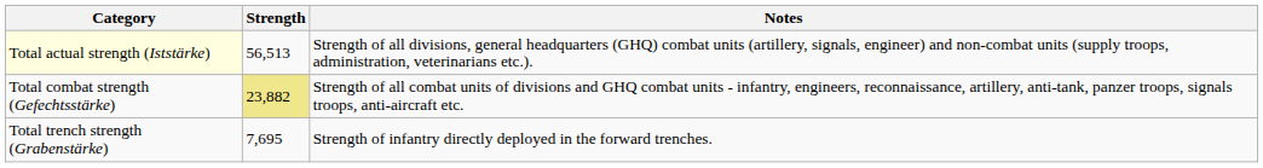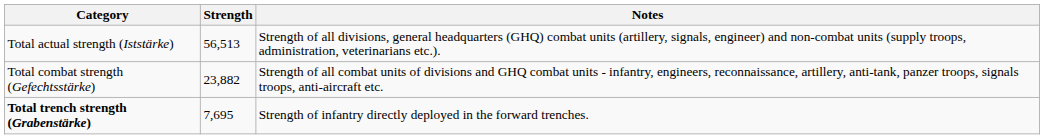 <table class="wikitable">
 <tr>
 <th>Category</th>
 <th>Strength</th>
 <th>Notes</th>
 </tr>
 <tr>
-<td style="background: lightyellow;">Total actual strength (<em>Iststärke</em>)</td>
+<td>Total actual strength (<em>Iststärke</em>)</td>
 <td>56,513</td>
 <td>Strength of all divisions, general headquarters (GHQ) combat units (artillery, signals, engineer) and non-combat units (supply troops, administration, veterinarians etc.).</td>
 </tr>
 <tr>
 <td>Total combat strength (<em>Gefechtsstärke</em>)</td>
-<td style="background: khaki;">23,882</td>
+<td>23,882</td>
 <td>Strength of all combat units of divisions and GHQ combat units - infantry, engineers, reconnaissance, artillery, anti-tank, panzer troops, signals troops, anti-aircraft etc.</td>
 </tr>
 <tr>
-<td>Total trench strength (<em>Grabenstärke</em>)</td>
+<td><strong>Total trench strength (<em>Grabenstärke</em>)</strong></td>
 <td>7,695</td>
 <td>Strength of infantry directly deployed in the forward trenches.</td>
 </tr>
 </table>
